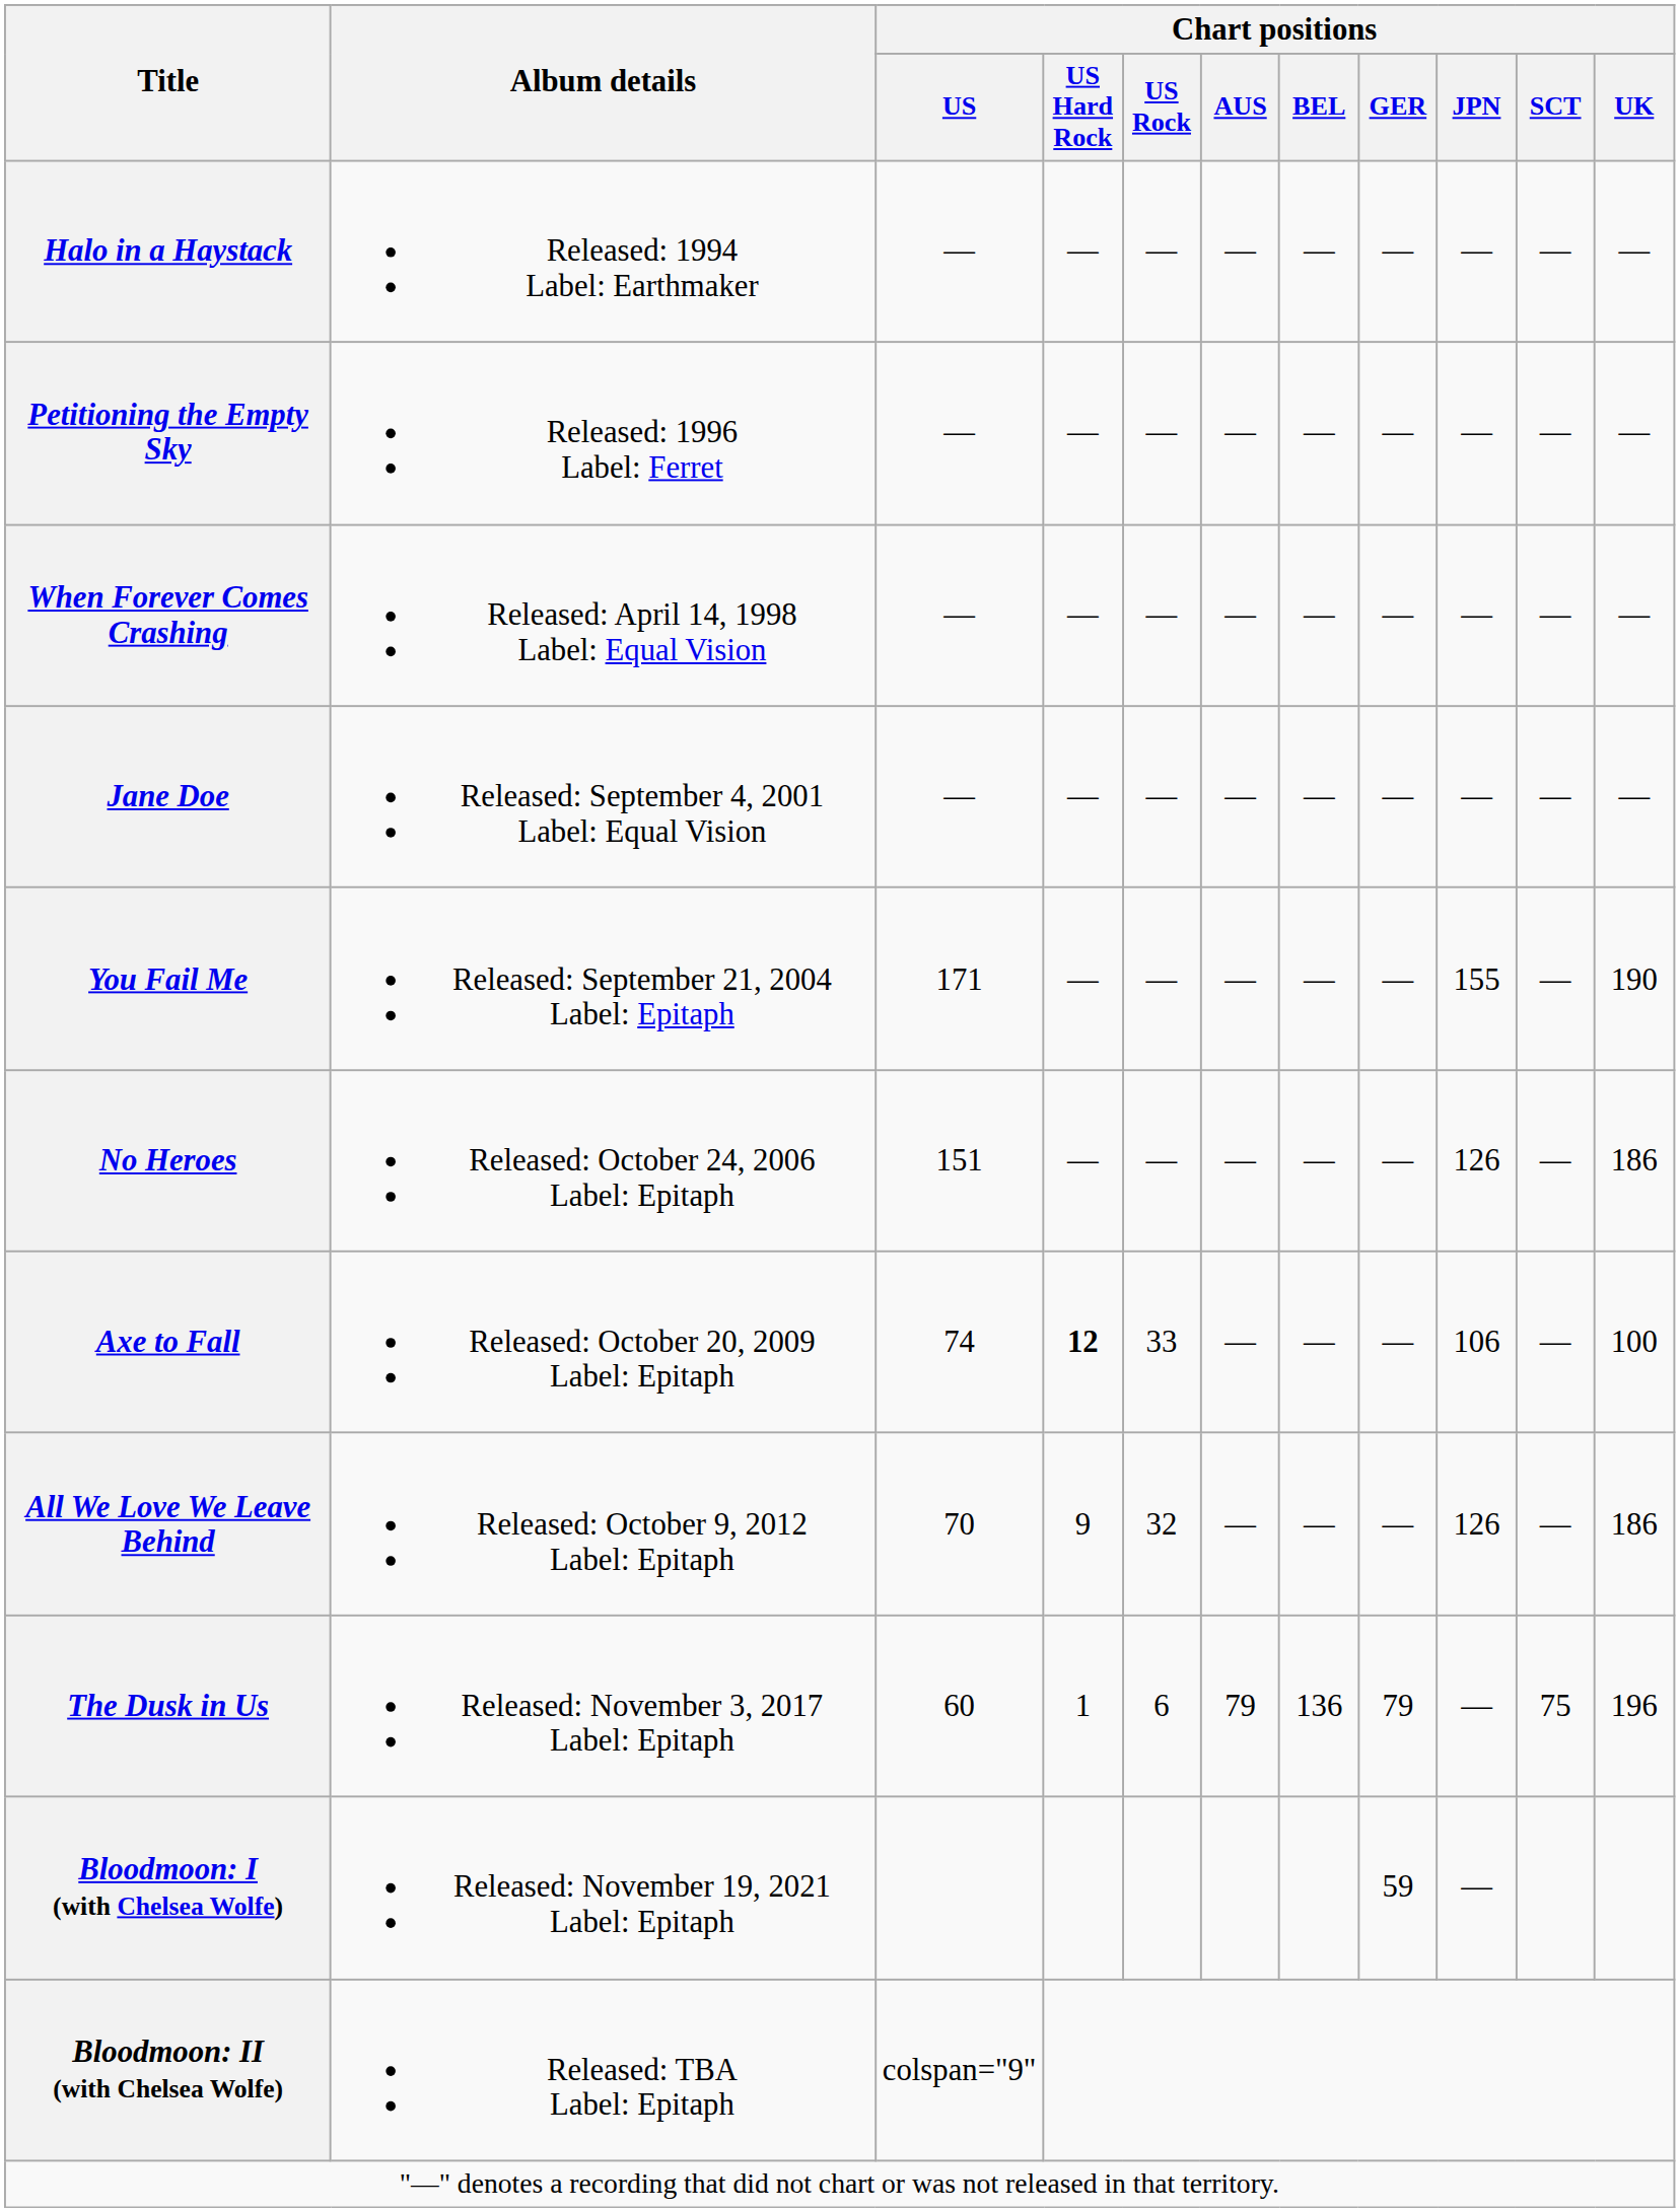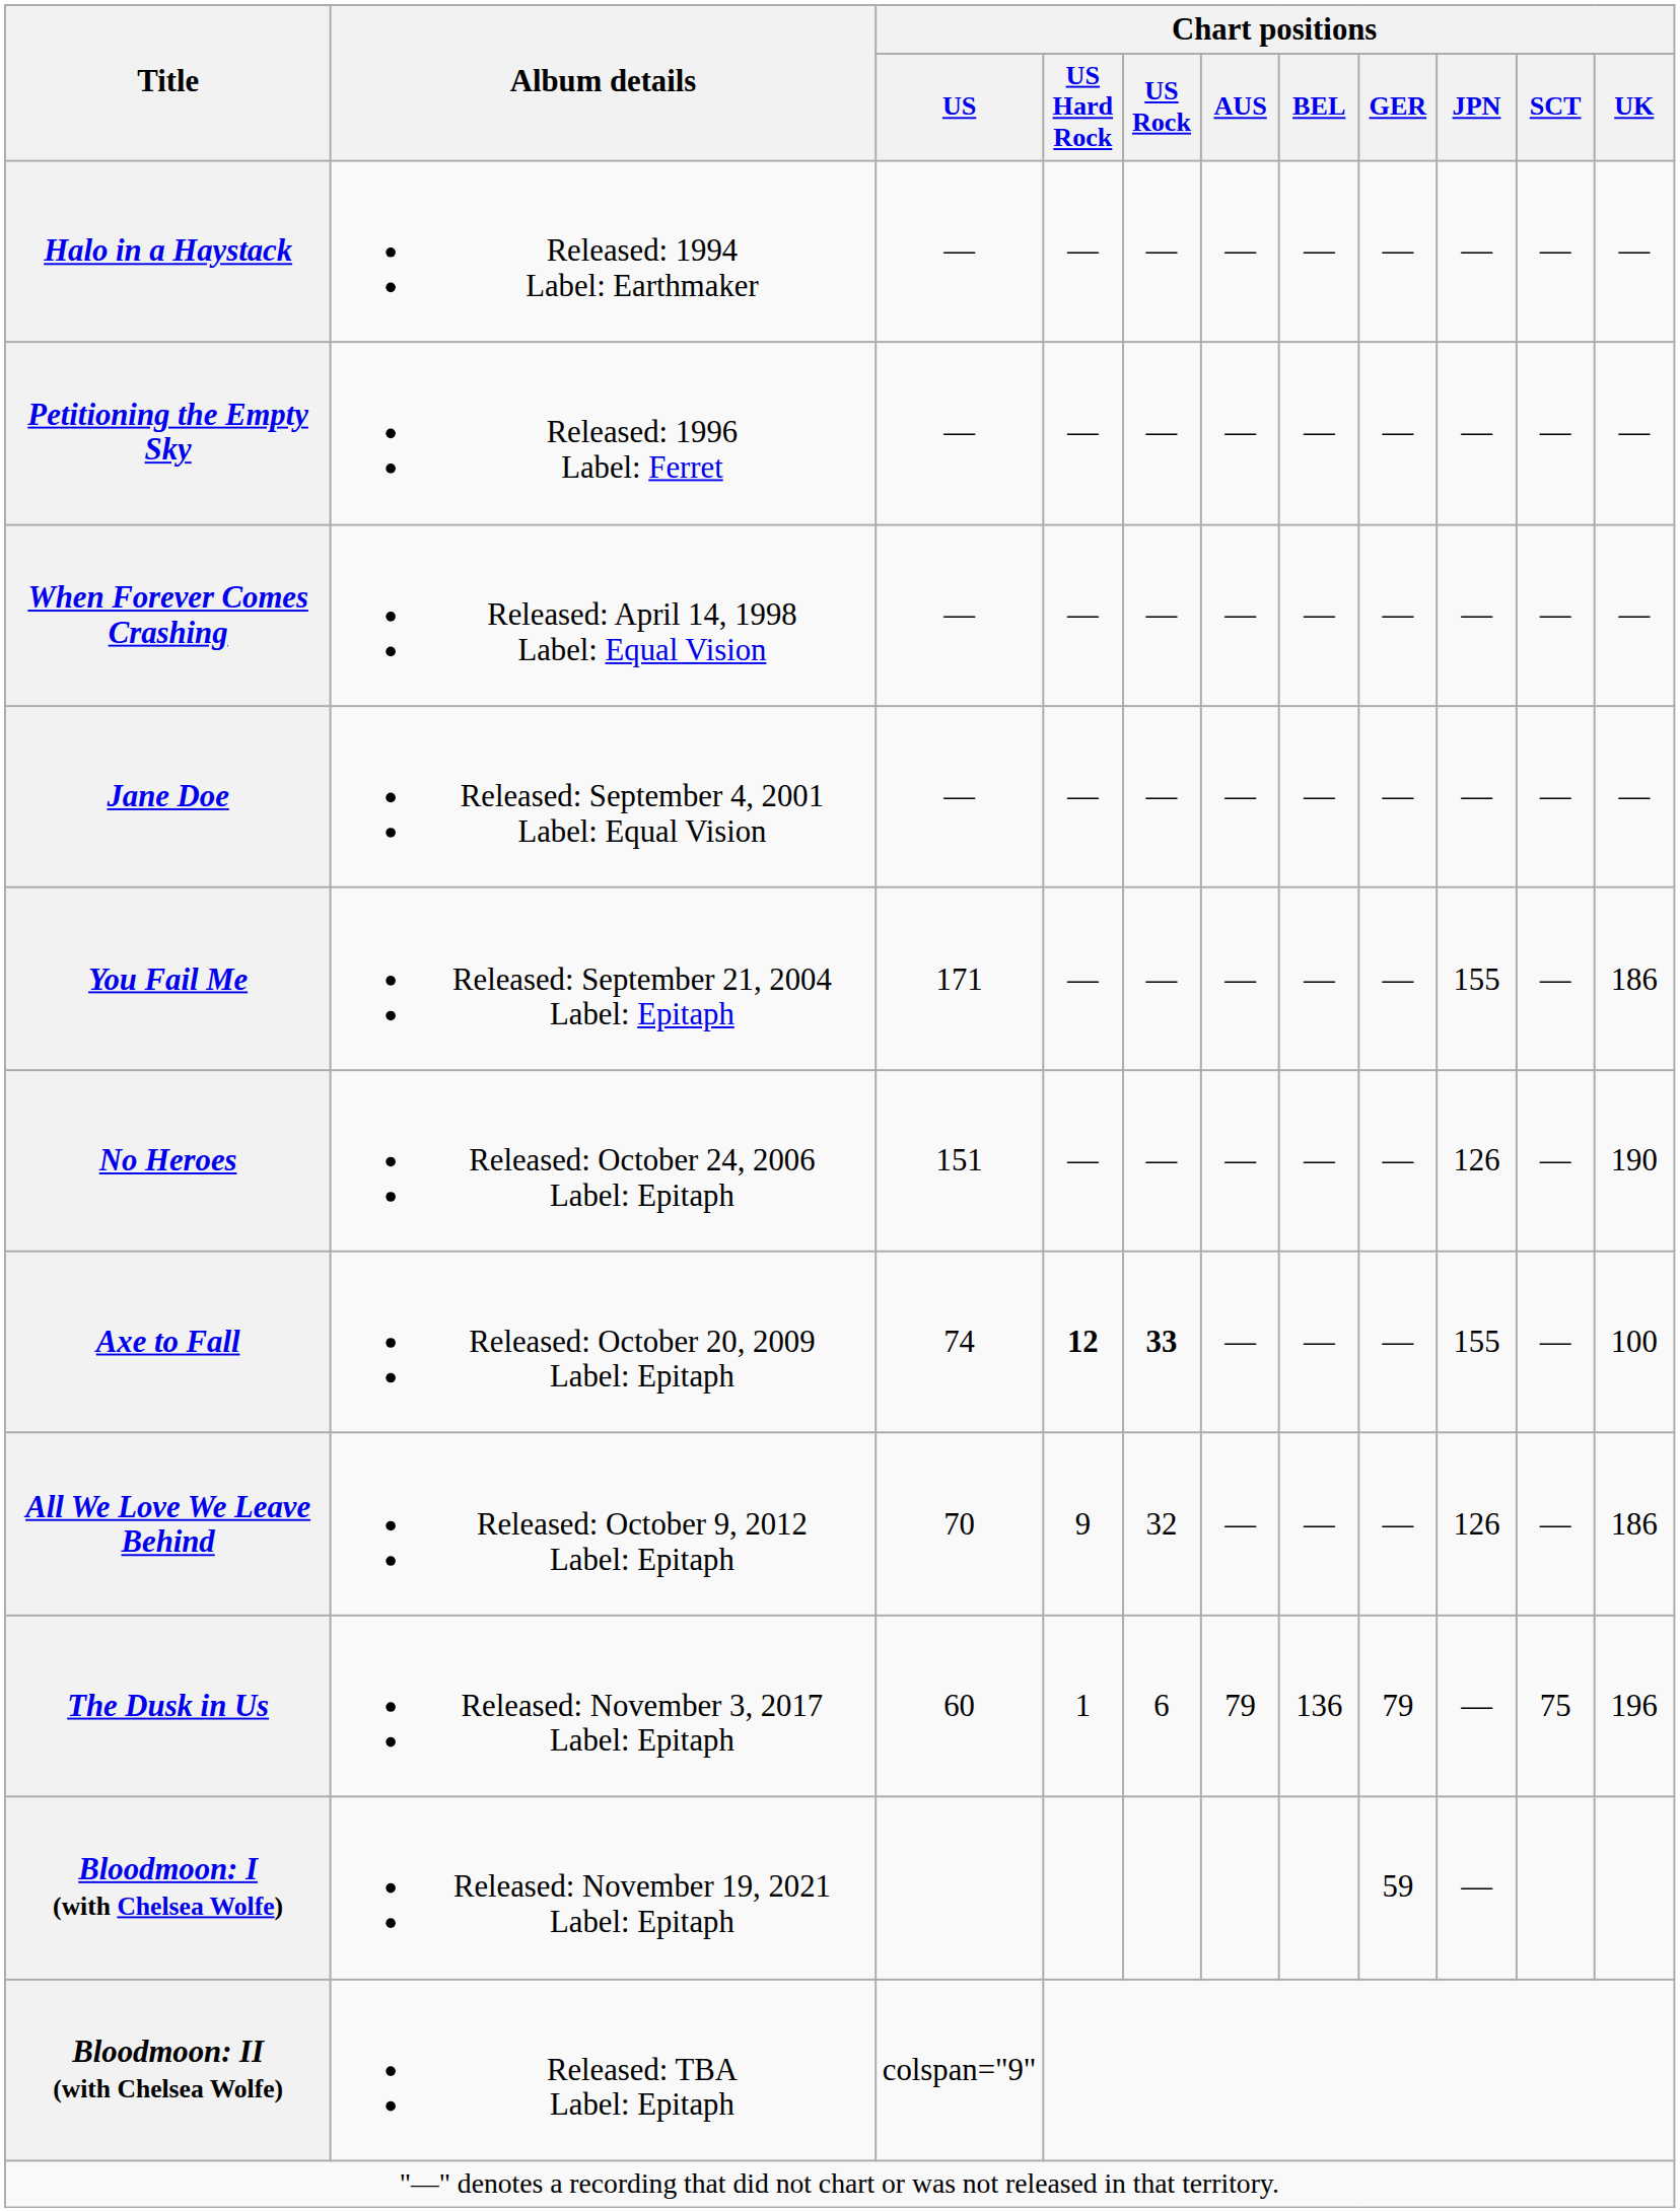 <table class="wikitable plainrowheaders" style="text-align:center;">
 <tr>
 <th scope="col" rowspan="2" style="width:10em;">Title</th>
 <th scope="col" rowspan="2" style="width:17em;">Album details</th>
 <th scope="col" colspan="9">Chart positions</th>
 </tr>
 <tr>
 <th scope="col" style="width:2.5em;font-size:85%;"><a href='#'>US</a><br></th>
 <th scope="col" style="width:2.5em;font-size:85%;"><a href='#'>US Hard Rock</a><br></th>
 <th scope="col" style="width:2.5em;font-size:85%;"><a href='#'>US Rock</a><br></th>
 <th scope="col" style="width:2.5em;font-size:85%;"><a href='#'>AUS</a><br></th>
 <th scope="col" style="width:2.5em;font-size:85%;"><a href='#'>BEL</a><br></th>
 <th scope="col" style="width:2.5em;font-size:85%;"><a href='#'>GER</a><br></th>
 <th scope="col" style="width:2.5em;font-size:85%;"><a href='#'>JPN</a><br></th>
 <th scope="col" style="width:2.5em;font-size:85%;"><a href='#'>SCT</a><br></th>
 <th scope="col" style="width:2.5em;font-size:85%;"><a href='#'>UK</a><br></th>
 </tr>
 <tr>
 <th scope="row"><em><a href='#'>Halo in a Haystack</a></em></th>
 <td><br><ul><li>Released: 1994</li><li>Label: Earthmaker</li></ul></td>
 <td align="center">—</td>
 <td align="center">—</td>
 <td align="center">—</td>
 <td>—</td>
 <td>—</td>
 <td>—</td>
 <td align="center">—</td>
 <td>—</td>
 <td align="center">—</td>
 </tr>
 <tr>
 <th scope="row"><em><a href='#'>Petitioning the Empty Sky</a></em></th>
 <td><br><ul><li>Released: 1996</li><li>Label: <a href='#'>Ferret</a></li></ul></td>
 <td align="center">—</td>
 <td align="center">—</td>
 <td align="center">—</td>
 <td>—</td>
 <td>—</td>
 <td>—</td>
 <td align="center">—</td>
 <td>—</td>
 <td align="center">—</td>
 </tr>
 <tr>
 <th scope="row"><em><a href='#'>When Forever Comes Crashing</a></em></th>
 <td><br><ul><li>Released: April 14, 1998</li><li>Label: <a href='#'>Equal Vision</a></li></ul></td>
 <td align="center">—</td>
 <td align="center">—</td>
 <td align="center">—</td>
 <td>—</td>
 <td>—</td>
 <td>—</td>
 <td align="center">—</td>
 <td>—</td>
 <td align="center">—</td>
 </tr>
 <tr>
 <th scope="row"><em><a href='#'>Jane Doe</a></em></th>
 <td><br><ul><li>Released: September 4, 2001</li><li>Label: Equal Vision</li></ul></td>
 <td align="center">—</td>
 <td align="center">—</td>
 <td align="center">—</td>
 <td>—</td>
 <td>—</td>
 <td>—</td>
 <td align="center">—</td>
 <td>—</td>
 <td align="center">—</td>
 </tr>
 <tr>
 <th scope="row"><em><a href='#'>You Fail Me</a></em></th>
 <td><br><ul><li>Released: September 21, 2004</li><li>Label: <a href='#'>Epitaph</a></li></ul></td>
 <td align="center">171</td>
 <td align="center">—</td>
 <td align="center">—</td>
 <td>—</td>
 <td>—</td>
 <td>—</td>
 <td align="center">155</td>
 <td>—</td>
-<td align="center">190</td>
+<td align="center">186</td>
 </tr>
 <tr>
 <th scope="row"><em><a href='#'>No Heroes</a></em></th>
 <td><br><ul><li>Released: October 24, 2006</li><li>Label: Epitaph</li></ul></td>
 <td align="center">151</td>
 <td align="center">—</td>
 <td align="center">—</td>
 <td>—</td>
 <td>—</td>
 <td>—</td>
 <td align="center">126</td>
 <td>—</td>
-<td align="center">186</td>
+<td align="center">190</td>
 </tr>
 <tr>
 <th scope="row"><em><a href='#'>Axe to Fall</a></em></th>
 <td><br><ul><li>Released: October 20, 2009</li><li>Label: Epitaph</li></ul></td>
 <td align="center">74</td>
 <td align="center"><strong>12</strong></td>
-<td align="center">33</td>
+<td align="center"><strong>33</strong></td>
 <td>—</td>
 <td>—</td>
 <td>—</td>
-<td align="center">106</td>
+<td align="center">155</td>
 <td>—</td>
 <td align="center">100<br></td>
 </tr>
 <tr>
 <th scope="row"><em><a href='#'>All We Love We Leave Behind</a></em></th>
 <td><br><ul><li>Released: October 9, 2012</li><li>Label: Epitaph</li></ul></td>
 <td align="center">70</td>
 <td align="center">9</td>
 <td align="center">32</td>
 <td>—</td>
 <td>—</td>
 <td>—</td>
 <td align="center">126</td>
 <td>—</td>
 <td align="center">186<br></td>
 </tr>
 <tr>
 <th scope="row"><em><a href='#'>The Dusk in Us</a></em></th>
 <td><br><ul><li>Released: November 3, 2017</li><li>Label: Epitaph</li></ul></td>
 <td align="center">60</td>
 <td align="center">1</td>
 <td align="center">6</td>
 <td>79</td>
 <td>136</td>
 <td>79</td>
 <td align="center">—</td>
 <td>75</td>
 <td align="center">196<br></td>
 </tr>
 <tr>
 <th scope="row"><em><a href='#'>Bloodmoon: I</a></em><br><small>(with <a href='#'>Chelsea Wolfe</a>)</small></th>
 <td><br><ul><li>Released: November 19, 2021</li><li>Label: Epitaph</li></ul></td>
 <td align="center"></td>
 <td align="center"></td>
 <td align="center"></td>
 <td></td>
 <td></td>
 <td>59</td>
 <td align="center">—</td>
 <td></td>
 <td align="center"><br></td>
 </tr>
 <tr>
 <th scope="row"><em>Bloodmoon: II</em><br><small>(with Chelsea Wolfe)</small></th>
 <td><br><ul><li>Released: TBA</li><li>Label: Epitaph</li></ul></td>
 <td>colspan="9" </td>
 </tr>
 <tr>
 <td colspan="14" style="font-size:90%">"—" denotes a recording that did not chart or was not released in that territory.</td>
 </tr>
 </table>
